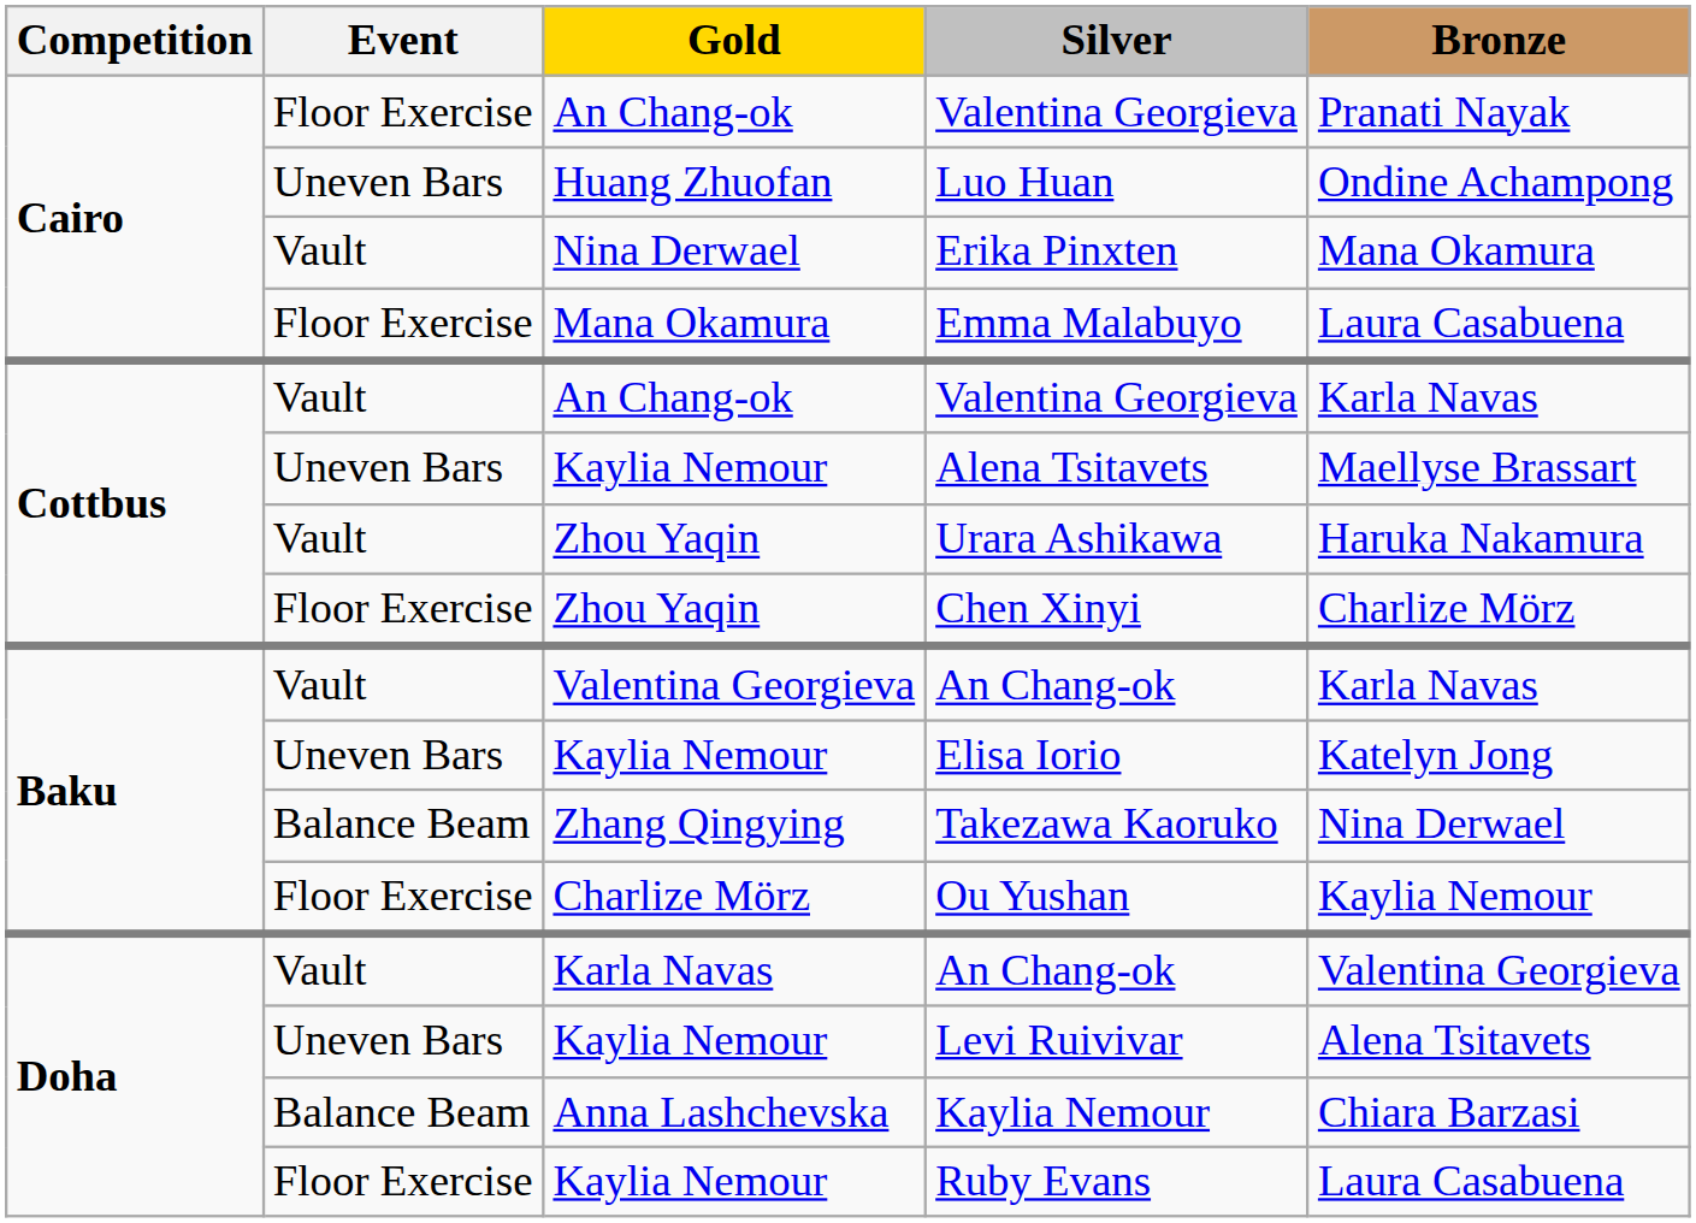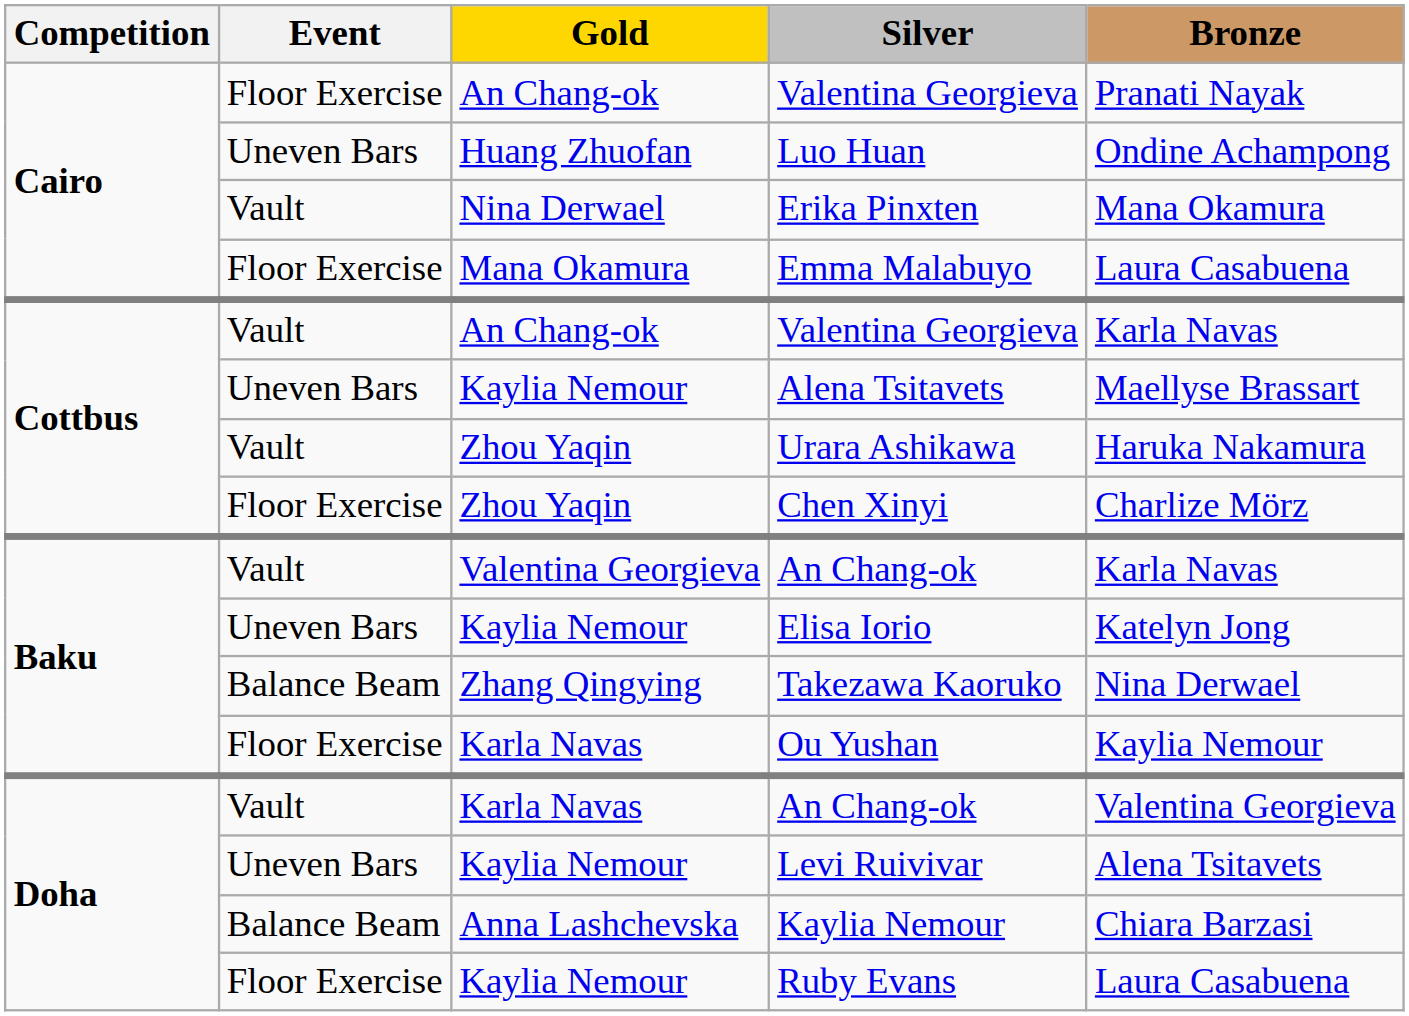 <table class="wikitable">
 <tr>
 <th style="text-align:center;">Competition</th>
 <th style="text-align:center;">Event</th>
 <td style="text-align:center; background:gold;"><strong>Gold</strong></td>
 <td style="text-align:center; background:silver;"><strong>Silver</strong></td>
 <td style="text-align:center; background:#c96;"><strong>Bronze</strong></td>
 </tr>
 <tr>
 <td rowspan=4><strong>Cairo</strong></td>
 <td>Floor Exercise</td>
 <td> <a href='#'>An Chang-ok</a></td>
 <td> <a href='#'>Valentina Georgieva</a></td>
 <td> <a href='#'>Pranati Nayak</a></td>
 </tr>
 <tr>
 <td>Uneven Bars</td>
 <td> <a href='#'>Huang Zhuofan</a></td>
 <td> <a href='#'>Luo Huan</a></td>
 <td> <a href='#'>Ondine Achampong</a></td>
 </tr>
 <tr>
 <td>Vault</td>
 <td> <a href='#'>Nina Derwael</a></td>
 <td> <a href='#'>Erika Pinxten</a></td>
 <td> <a href='#'>Mana Okamura</a></td>
 </tr>
 <tr>
 <td>Floor Exercise</td>
 <td> <a href='#'>Mana Okamura</a></td>
 <td> <a href='#'>Emma Malabuyo</a></td>
 <td> <a href='#'>Laura Casabuena</a></td>
 </tr>
 <tr style="border-top: 3px solid grey;">
 <td rowspan=4><strong>Cottbus</strong></td>
 <td>Vault</td>
 <td> <a href='#'>An Chang-ok</a></td>
 <td> <a href='#'>Valentina Georgieva</a></td>
 <td> <a href='#'>Karla Navas</a></td>
 </tr>
 <tr>
 <td>Uneven Bars</td>
 <td> <a href='#'>Kaylia Nemour</a></td>
 <td> <a href='#'>Alena Tsitavets</a></td>
 <td> <a href='#'>Maellyse Brassart</a></td>
 </tr>
 <tr>
 <td>Vault</td>
 <td> <a href='#'>Zhou Yaqin</a></td>
 <td> <a href='#'>Urara Ashikawa</a></td>
 <td> <a href='#'>Haruka Nakamura</a></td>
 </tr>
 <tr>
 <td>Floor Exercise</td>
 <td> <a href='#'>Zhou Yaqin</a></td>
 <td> <a href='#'>Chen Xinyi</a></td>
 <td> <a href='#'>Charlize Mörz</a></td>
 </tr>
 <tr style="border-top: 3px solid grey;">
 <td rowspan=4><strong>Baku</strong></td>
 <td>Vault</td>
 <td> <a href='#'>Valentina Georgieva</a></td>
 <td> <a href='#'>An Chang-ok</a></td>
 <td> <a href='#'>Karla Navas</a></td>
 </tr>
 <tr>
 <td>Uneven Bars</td>
 <td> <a href='#'>Kaylia Nemour</a></td>
 <td> <a href='#'>Elisa Iorio</a></td>
 <td> <a href='#'>Katelyn Jong</a></td>
 </tr>
 <tr>
 <td>Balance Beam</td>
 <td> <a href='#'>Zhang Qingying</a></td>
 <td> <a href='#'>Takezawa Kaoruko</a></td>
 <td> <a href='#'>Nina Derwael</a></td>
 </tr>
 <tr>
 <td>Floor Exercise</td>
-<td> <a href='#'>Charlize Mörz</a></td>
+<td> <a href='#'>Karla Navas</a></td>
 <td> <a href='#'>Ou Yushan</a></td>
 <td> <a href='#'>Kaylia Nemour</a></td>
 </tr>
 <tr style="border-top: 3px solid grey;">
 <td rowspan=4><strong>Doha</strong></td>
 <td>Vault</td>
 <td> <a href='#'>Karla Navas</a></td>
 <td> <a href='#'>An Chang-ok</a></td>
 <td> <a href='#'>Valentina Georgieva</a></td>
 </tr>
 <tr>
 <td>Uneven Bars</td>
 <td> <a href='#'>Kaylia Nemour</a></td>
 <td> <a href='#'>Levi Ruivivar</a></td>
 <td> <a href='#'>Alena Tsitavets</a></td>
 </tr>
 <tr>
 <td>Balance Beam</td>
 <td> <a href='#'>Anna Lashchevska</a></td>
 <td> <a href='#'>Kaylia Nemour</a></td>
 <td> <a href='#'>Chiara Barzasi</a></td>
 </tr>
 <tr>
 <td>Floor Exercise</td>
 <td> <a href='#'>Kaylia Nemour</a></td>
 <td> <a href='#'>Ruby Evans</a></td>
 <td> <a href='#'>Laura Casabuena</a></td>
 </tr>
 </table>
